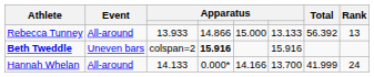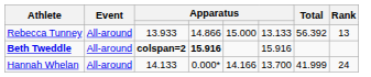 <table class="wikitable" style="text-align:center; font-size:90%">
 <tr>
 <th rowspan=2>Athlete</th>
 <th rowspan=2>Event</th>
 <th colspan=4>Apparatus</th>
 <th rowspan=2>Total</th>
 <th rowspan=2>Rank</th>
 </tr>
 <tr style="font-size:95%">
 <th></th>
 <th></th>
 <th></th>
 <th></th>
 </tr>
 <tr>
 <td style="text-align:left;"><a href='#'>Rebecca Tunney</a></td>
 <td style="text-align:left;"><a href='#'>All-around</a></td>
 <td>13.933</td>
 <td>14.866</td>
 <td>15.000</td>
 <td>13.133</td>
 <td>56.392</td>
 <td>13</td>
 </tr>
 <tr>
 <td style="text-align:left;"><strong><a href='#'>Beth Tweddle</a></strong></td>
-<td style="text-align:left;"><a href='#'>Uneven bars</a></td>
-<td>colspan=2 </td>
+<td style="text-align:left;"><a href='#'>All-around</a></td>
+<td><strong>colspan=2 </strong></td>
 <td><strong>15.916</strong></td>
 <td></td>
 <td>15.916</td>
 <td></td>
 </tr>
 <tr>
 <td style="text-align:left;"><a href='#'>Hannah Whelan</a></td>
 <td style="text-align:left;"><a href='#'>All-around</a></td>
 <td>14.133</td>
 <td>0.000*</td>
 <td>14.166</td>
 <td>13.700</td>
 <td>41.999</td>
 <td>24</td>
 </tr>
 </table>
